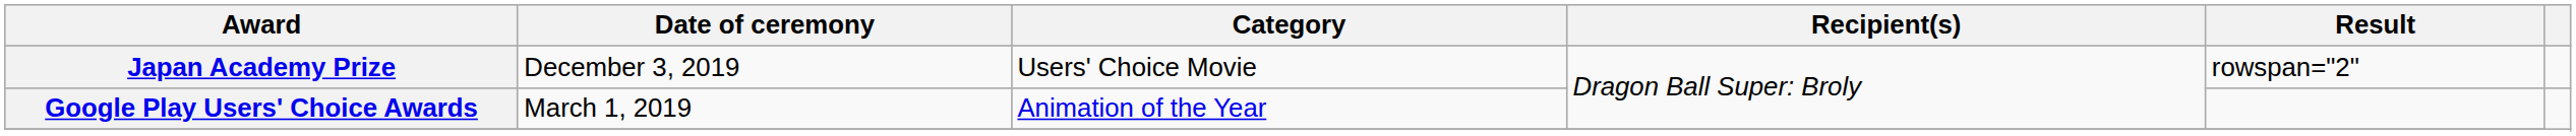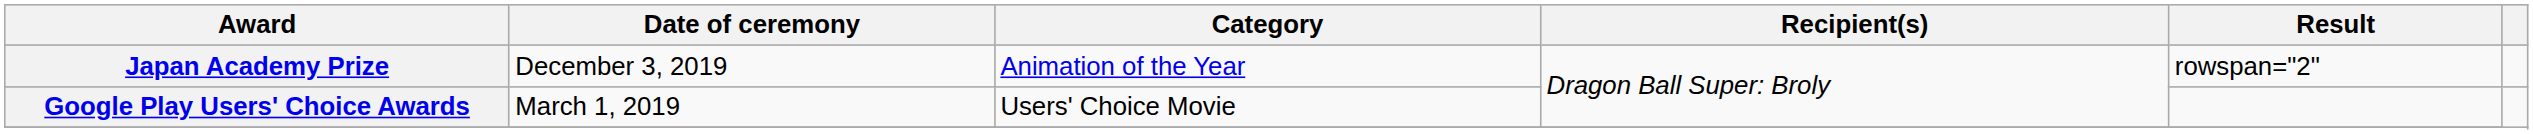 <table class="wikitable sortable plainrowheaders" style="width: 99%">
 <tr>
 <th scope="col" style="width:20%;">Award</th>
 <th scope="col">Date of ceremony</th>
 <th scope="col">Category</th>
 <th scope="col">Recipient(s)</th>
 <th scope="col">Result</th>
 <th scope="col" class="unsortable"></th>
 </tr>
 <tr>
 <th scope="row" rowspan="1" style="text-align:center;"><a href='#'>Japan Academy Prize</a></th>
 <td rowspan="1">December 3, 2019</td>
-<td>Users' Choice Movie</td>
+<td><a href='#'>Animation of the Year</a></td>
 <td rowspan="2"><em>Dragon Ball Super: Broly</em></td>
 <td>rowspan="2" </td>
 <td style="text-align:center;"></td>
 </tr>
 <tr>
 <th scope="row" rowspan="1" style="text-align:center;"><a href='#'>Google Play Users' Choice Awards</a></th>
 <td rowspan="1">March 1, 2019</td>
-<td><a href='#'>Animation of the Year</a></td>
+<td>Users' Choice Movie</td>
 <td style="text-align:center;"></td>
 </tr>
 <tr>
 </tr>
 </table>
